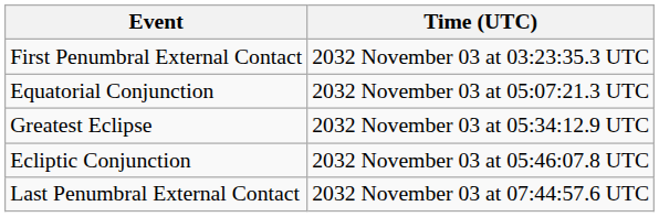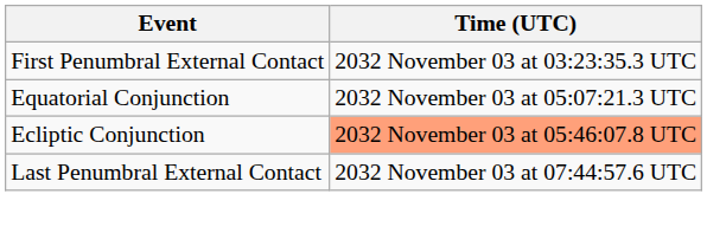 <table class="wikitable">
 <tr>
 <th>Event</th>
 <th>Time (UTC)</th>
 </tr>
 <tr>
 <td>First Penumbral External Contact</td>
 <td>2032 November 03 at 03:23:35.3 UTC</td>
 </tr>
 <tr>
 <td>Equatorial Conjunction</td>
 <td>2032 November 03 at 05:07:21.3 UTC</td>
 </tr>
 <tr>
-<td>Greatest Eclipse</td>
-<td>2032 November 03 at 05:34:12.9 UTC</td>
-</tr>
-<tr>
 <td>Ecliptic Conjunction</td>
-<td>2032 November 03 at 05:46:07.8 UTC</td>
+<td style="background: lightsalmon;">2032 November 03 at 05:46:07.8 UTC</td>
 </tr>
 <tr>
 <td>Last Penumbral External Contact</td>
 <td>2032 November 03 at 07:44:57.6 UTC</td>
 </tr>
 </table>
